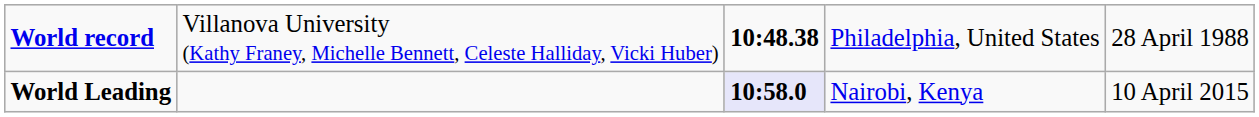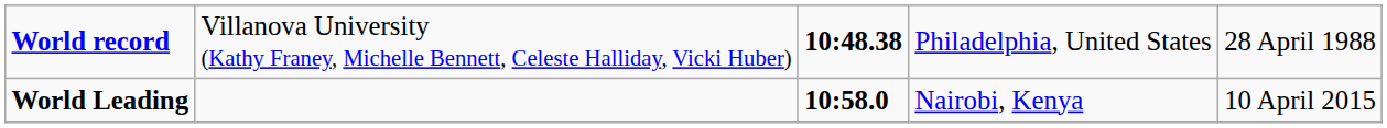 <table class="wikitable">
 <tr>
 <td><strong><a href='#'>World record</a></strong></td>
 <td> Villanova University<br><small>(<a href='#'>Kathy Franey</a>, <a href='#'>Michelle Bennett</a>, <a href='#'>Celeste Halliday</a>, <a href='#'>Vicki Huber</a>)</small></td>
 <td><strong>10:48.38</strong></td>
 <td> <a href='#'>Philadelphia</a>, United States</td>
 <td>28 April 1988</td>
 </tr>
 <tr>
 <td><strong>World Leading</strong></td>
 <td></td>
-<td style="background: lavender;"><strong>10:58.0</strong></td>
+<td><strong>10:58.0</strong></td>
 <td> <a href='#'>Nairobi</a>, <a href='#'>Kenya</a></td>
 <td>10 April 2015</td>
 </tr>
 </table>
